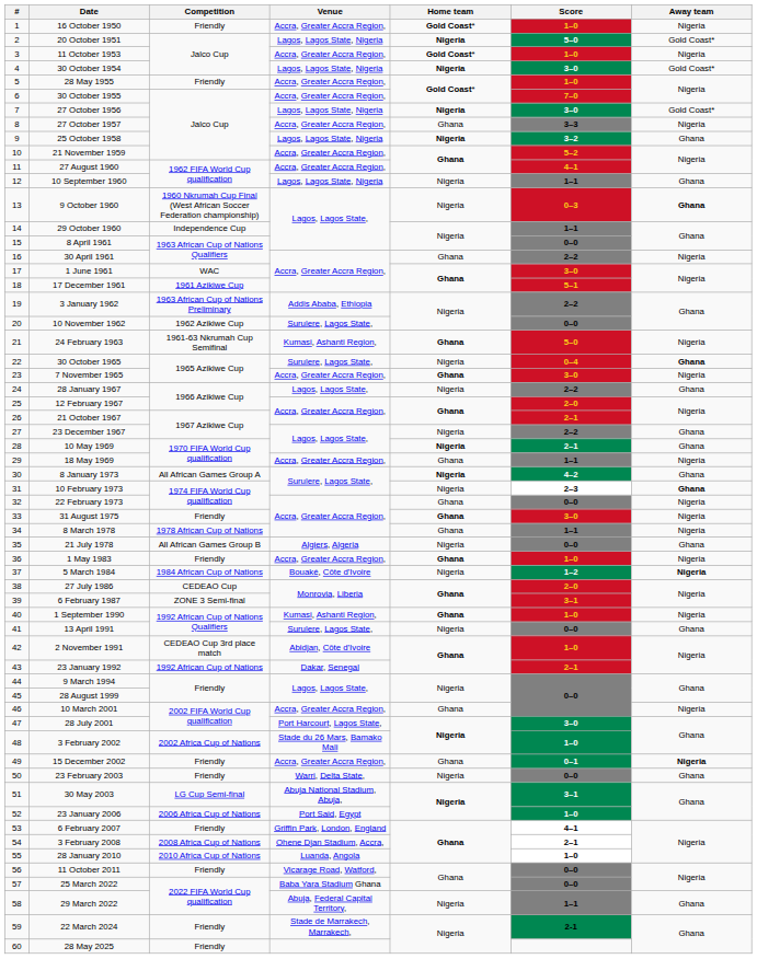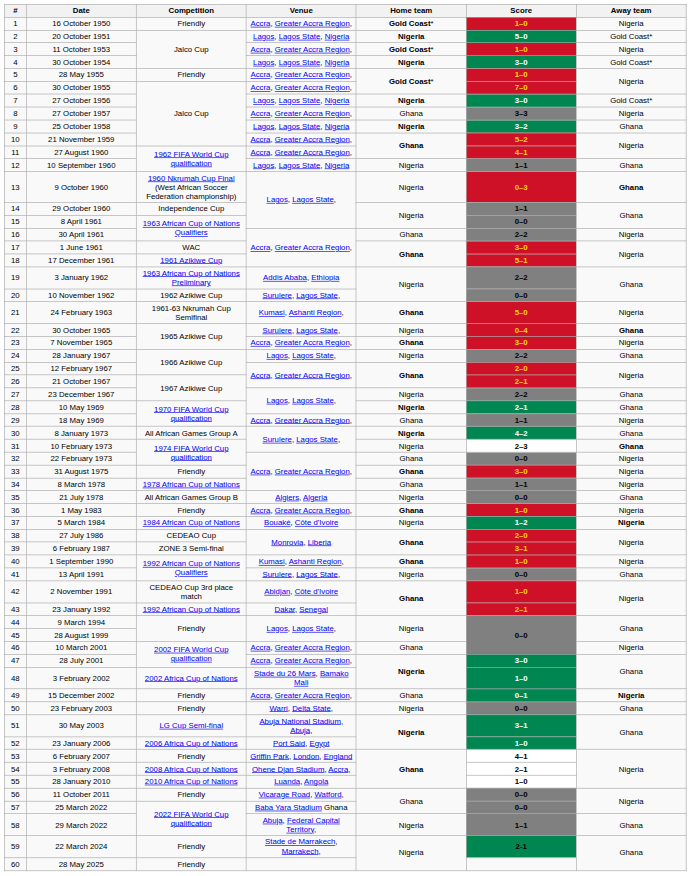 <table class="wikitable sortable collapsible collapsed" style="width:1050px; font-size: 12px">
 <tr>
 <th width="2%">#</th>
 <th width="10%" class="unsortable">Date</th>
 <th width="10%">Competition</th>
 <th width="10%">Venue</th>
 <th width="10%">Home team</th>
 <th width="10%">Score</th>
 <th width="10%">Away team</th>
 </tr>
 <tr style="text-align:center;">
 <td>1</td>
 <td>16 October 1950</td>
 <td>Friendly</td>
 <td><a href='#'>Accra</a>, <a href='#'>Greater Accra Region</a>, </td>
 <td><strong>Gold Coast</strong>*</td>
 <td style="background:#CE1126; color:#FCD116;"><strong>1–0</strong></td>
 <td>Nigeria</td>
 </tr>
 <tr style="text-align:center;">
 <td>2</td>
 <td>20 October 1951</td>
 <td rowspan="3">Jalco Cup</td>
 <td><a href='#'>Lagos</a>, <a href='#'>Lagos State</a>, <a href='#'>Nigeria</a></td>
 <td><strong>Nigeria</strong></td>
 <td style="background:#008751; color:White;"><strong>5–0</strong></td>
 <td>Gold Coast*</td>
 </tr>
 <tr style="text-align:center;">
 <td>3</td>
 <td>11 October 1953</td>
 <td><a href='#'>Accra</a>, <a href='#'>Greater Accra Region</a>, </td>
 <td><strong>Gold Coast</strong>*</td>
 <td style="background:#CE1126; color:#FCD116;"><strong>1–0</strong></td>
 <td>Nigeria</td>
 </tr>
 <tr style="text-align:center;">
 <td>4</td>
 <td>30 October 1954</td>
 <td><a href='#'>Lagos</a>, <a href='#'>Lagos State</a>, <a href='#'>Nigeria</a></td>
 <td><strong>Nigeria</strong></td>
 <td style="background:#008751; color:White;"><strong>3–0</strong></td>
 <td>Gold Coast*</td>
 </tr>
 <tr style="text-align:center;">
 <td>5</td>
 <td>28 May 1955</td>
 <td>Friendly</td>
 <td><a href='#'>Accra</a>, <a href='#'>Greater Accra Region</a>, </td>
 <td rowspan="2"><strong>Gold Coast</strong>*</td>
 <td style="background:#CE1126; color:#FCD116;"><strong>1–0</strong></td>
 <td rowspan="2">Nigeria</td>
 </tr>
 <tr style="text-align:center;">
 <td>6</td>
 <td>30 October 1955</td>
 <td rowspan="5">Jalco Cup</td>
 <td><a href='#'>Accra</a>, <a href='#'>Greater Accra Region</a>, </td>
 <td style="background:#CE1126; color:#FCD116;"><strong>7–0</strong></td>
 </tr>
 <tr style="text-align:center;">
 <td>7</td>
 <td>27 October 1956</td>
 <td><a href='#'>Lagos</a>, <a href='#'>Lagos State</a>, <a href='#'>Nigeria</a></td>
 <td><strong>Nigeria</strong></td>
 <td style="background:#008751; color:White;"><strong>3–0</strong></td>
 <td>Gold Coast*</td>
 </tr>
 <tr style="text-align:center;">
 <td>8</td>
 <td>27 October 1957</td>
 <td><a href='#'>Accra</a>, <a href='#'>Greater Accra Region</a>, </td>
 <td>Ghana</td>
 <td style="background:grey;"><strong>3–3</strong></td>
 <td>Nigeria</td>
 </tr>
 <tr style="text-align:center;">
 <td>9</td>
 <td>25 October 1958</td>
 <td><a href='#'>Lagos</a>, <a href='#'>Lagos State</a>, <a href='#'>Nigeria</a></td>
 <td><strong>Nigeria</strong></td>
 <td style="background:#008751; color:White;"><strong>3–2</strong></td>
 <td>Ghana</td>
 </tr>
 <tr style="text-align:center;">
 <td>10</td>
 <td>21 November 1959</td>
 <td><a href='#'>Accra</a>, <a href='#'>Greater Accra Region</a>, </td>
 <td rowspan="2"><strong>Ghana</strong></td>
 <td style="background:#CE1126; color:#FCD116;"><strong>5–2</strong></td>
 <td rowspan="2">Nigeria</td>
 </tr>
 <tr style="text-align:center;">
 <td>11</td>
 <td>27 August 1960</td>
 <td rowspan="2"><a href='#'>1962 FIFA World Cup qualification</a></td>
 <td><a href='#'>Accra</a>, <a href='#'>Greater Accra Region</a>, </td>
 <td style="background:#CE1126; color:#FCD116;"><strong>4–1</strong></td>
 </tr>
 <tr style="text-align:center;">
 <td>12</td>
 <td>10 September 1960</td>
 <td><a href='#'>Lagos</a>, <a href='#'>Lagos State</a>, <a href='#'>Nigeria</a></td>
 <td>Nigeria</td>
 <td style="background:grey;"><strong>1–1</strong></td>
 <td>Ghana</td>
 </tr>
 <tr style="text-align:center;">
 <td>13</td>
 <td>9 October 1960</td>
 <td><a href='#'>1960 Nkrumah Cup Final</a> (West African Soccer Federation championship)</td>
 <td rowspan="3"><a href='#'>Lagos</a>, <a href='#'>Lagos State</a>, </td>
 <td>Nigeria</td>
 <td style="background:#CE1126; color:#FCD116;"><strong>0–3</strong></td>
 <td><strong>Ghana</strong></td>
 </tr>
 <tr style="text-align:center;">
 <td>14</td>
 <td>29 October 1960</td>
 <td>Independence Cup</td>
 <td rowspan="2">Nigeria</td>
 <td style="background:grey;"><strong>1–1</strong></td>
 <td rowspan="2">Ghana</td>
 </tr>
 <tr style="text-align:center;">
 <td>15</td>
 <td>8 April 1961</td>
 <td rowspan="2"><a href='#'>1963 African Cup of Nations Qualifiers</a></td>
 <td style="background:grey;"><strong>0–0</strong></td>
 </tr>
 <tr style="text-align:center;">
 <td>16</td>
 <td>30 April 1961</td>
 <td rowspan="3"><a href='#'>Accra</a>, <a href='#'>Greater Accra Region</a>, </td>
 <td>Ghana</td>
 <td style="background:grey;"><strong>2–2</strong></td>
 <td>Nigeria</td>
 </tr>
 <tr style="text-align:center;">
 <td>17</td>
 <td>1 June 1961</td>
 <td>WAC</td>
 <td rowspan="2"><strong>Ghana</strong></td>
 <td style="background:#CE1126; color:#FCD116;"><strong>3–0</strong></td>
 <td rowspan="2">Nigeria</td>
 </tr>
 <tr style="text-align:center;">
 <td>18</td>
 <td>17 December 1961</td>
 <td><a href='#'>1961 Azikiwe Cup</a></td>
 <td style="background:#CE1126; color:#FCD116;"><strong>5–1</strong></td>
 </tr>
 <tr style="text-align:center;">
 <td>19</td>
 <td>3 January 1962</td>
 <td><a href='#'>1963 African Cup of Nations Preliminary</a></td>
 <td><a href='#'>Addis Ababa</a>,  <a href='#'>Ethiopia</a></td>
 <td rowspan="2">Nigeria</td>
 <td style="background:grey;"><strong>2–2</strong></td>
 <td rowspan="2">Ghana</td>
 </tr>
 <tr style="text-align:center;">
 <td>20</td>
 <td>10 November 1962</td>
 <td>1962 Azikiwe Cup</td>
 <td><a href='#'>Surulere</a>, <a href='#'>Lagos State</a>, </td>
 <td style="background:grey;"><strong>0–0</strong></td>
 </tr>
 <tr style="text-align:center;">
 <td>21</td>
 <td>24 February 1963</td>
 <td>1961-63 Nkrumah Cup Semifinal</td>
 <td><a href='#'>Kumasi</a>, <a href='#'>Ashanti Region</a>, </td>
 <td><strong>Ghana</strong></td>
 <td style="background:#CE1126; color:#FCD116;"><strong>5–0</strong></td>
 <td>Nigeria</td>
 </tr>
 <tr style="text-align:center;">
 <td>22</td>
 <td>30 October 1965</td>
 <td rowspan="2">1965 Azikiwe Cup</td>
 <td><a href='#'>Surulere</a>, <a href='#'>Lagos State</a>, </td>
 <td>Nigeria</td>
 <td style="background:#CE1126; color:#FCD116;"><strong>0–4</strong></td>
 <td><strong>Ghana</strong></td>
 </tr>
 <tr style="text-align:center;">
 <td>23</td>
 <td>7 November 1965</td>
 <td><a href='#'>Accra</a>, <a href='#'>Greater Accra Region</a>, </td>
 <td><strong>Ghana</strong></td>
 <td style="background:#CE1126; color:#FCD116;"><strong>3–0</strong></td>
 <td>Nigeria</td>
 </tr>
 <tr style="text-align:center;">
 <td>24</td>
 <td>28 January 1967</td>
 <td rowspan="2">1966 Azikiwe Cup</td>
 <td><a href='#'>Lagos</a>, <a href='#'>Lagos State</a>, </td>
 <td>Nigeria</td>
 <td style="background:grey;"><strong>2–2</strong></td>
 <td>Ghana</td>
 </tr>
 <tr style="text-align:center;">
 <td>25</td>
 <td>12 February 1967</td>
 <td rowspan="2"><a href='#'>Accra</a>, <a href='#'>Greater Accra Region</a>, </td>
 <td rowspan="2"><strong>Ghana</strong></td>
 <td style="background:#CE1126; color:#FCD116;"><strong>2–0</strong></td>
 <td rowspan="2">Nigeria</td>
 </tr>
 <tr style="text-align:center;">
 <td>26</td>
 <td>21 October 1967</td>
 <td rowspan="2">1967 Azikiwe Cup</td>
 <td style="background:#CE1126; color:#FCD116;"><strong>2–1</strong></td>
 </tr>
 <tr style="text-align:center;">
 <td>27</td>
 <td>23 December 1967</td>
 <td rowspan="2"><a href='#'>Lagos</a>, <a href='#'>Lagos State</a>, </td>
 <td>Nigeria</td>
 <td style="background:grey;"><strong>2–2</strong></td>
 <td>Ghana</td>
 </tr>
 <tr style="text-align:center;">
 <td>28</td>
 <td>10 May 1969</td>
 <td rowspan="2"><a href='#'>1970 FIFA World Cup qualification</a></td>
 <td><strong>Nigeria</strong></td>
 <td style="background:#008751; color:White;"><strong>2–1</strong></td>
 <td>Ghana</td>
 </tr>
 <tr style="text-align:center;">
 <td>29</td>
 <td>18 May 1969</td>
 <td><a href='#'>Accra</a>, <a href='#'>Greater Accra Region</a>, </td>
 <td>Ghana</td>
 <td style="background:grey;"><strong>1–1</strong></td>
 <td>Nigeria</td>
 </tr>
 <tr style="text-align:center;">
 <td>30</td>
 <td>8 January 1973</td>
 <td>All African Games Group A</td>
 <td rowspan="2"><a href='#'>Surulere</a>, <a href='#'>Lagos State</a>, </td>
 <td><strong>Nigeria</strong></td>
 <td style="background:#008751; color:White;"><strong>4–2</strong></td>
 <td>Ghana</td>
 </tr>
 <tr style="text-align:center;">
 <td>31</td>
 <td>10 February 1973</td>
 <td rowspan="2"><a href='#'>1974 FIFA World Cup qualification</a></td>
 <td>Nigeria</td>
 <td style="background:white; color:black;"><strong>2–3</strong></td>
 <td><strong>Ghana</strong></td>
 </tr>
 <tr style="text-align:center;">
 <td>32</td>
 <td>22 February 1973</td>
 <td rowspan="3"><a href='#'>Accra</a>, <a href='#'>Greater Accra Region</a>, </td>
 <td>Ghana</td>
 <td style="background:grey;"><strong>0–0</strong></td>
 <td>Nigeria</td>
 </tr>
 <tr style="text-align:center;">
 <td>33</td>
 <td>31 August 1975</td>
 <td>Friendly</td>
 <td><strong>Ghana</strong></td>
 <td style="background:#CE1126; color:#FCD116;"><strong>3–0</strong></td>
 <td>Nigeria</td>
 </tr>
 <tr style="text-align:center;">
 <td>34</td>
 <td>8 March 1978</td>
 <td><a href='#'>1978 African Cup of Nations</a></td>
 <td>Ghana</td>
 <td style="background:grey;"><strong>1–1</strong></td>
 <td>Nigeria</td>
 </tr>
 <tr style="text-align:center;">
 <td>35</td>
 <td>21 July 1978</td>
 <td>All African Games Group B</td>
 <td><a href='#'>Algiers</a>,  <a href='#'>Algeria</a></td>
 <td>Nigeria</td>
 <td style="background:grey;"><strong>0–0</strong></td>
 <td>Ghana</td>
 </tr>
 <tr style="text-align:center;">
 <td>36</td>
 <td>1 May 1983</td>
 <td>Friendly</td>
 <td><a href='#'>Accra</a>, <a href='#'>Greater Accra Region</a>, </td>
 <td><strong>Ghana</strong></td>
 <td style="background:#CE1126; color:#FCD116;"><strong>1–0</strong></td>
 <td>Nigeria</td>
 </tr>
 <tr style="text-align:center;">
 <td>37</td>
 <td>5 March 1984</td>
 <td><a href='#'>1984 African Cup of Nations</a></td>
 <td><a href='#'>Bouaké</a>,  <a href='#'>Côte d'Ivoire</a></td>
 <td>Nigeria</td>
 <td style="background:#008751; color:White;"><strong>1–2</strong></td>
 <td><strong>Nigeria</strong></td>
 </tr>
 <tr style="text-align:center;">
 <td>38</td>
 <td>27 July 1986</td>
 <td>CEDEAO Cup</td>
 <td rowspan="2"><a href='#'>Monrovia</a>,  <a href='#'>Liberia</a></td>
 <td rowspan="2"><strong>Ghana</strong></td>
 <td style="background:#CE1126; color:#FCD116;"><strong>2–0</strong></td>
 <td rowspan="2">Nigeria</td>
 </tr>
 <tr style="text-align:center;">
 <td>39</td>
 <td>6 February 1987</td>
 <td>ZONE 3 Semi-final</td>
 <td style="background:#CE1126; color:#FCD116;"><strong>3–1</strong></td>
 </tr>
 <tr style="text-align:center;">
 <td>40</td>
 <td>1 September 1990</td>
 <td rowspan="2"><a href='#'>1992 African Cup of Nations Qualifiers</a></td>
 <td><a href='#'>Kumasi</a>, <a href='#'>Ashanti Region</a>, </td>
 <td><strong>Ghana</strong></td>
 <td style="background:#CE1126; color:#FCD116;"><strong>1–0</strong></td>
 <td>Nigeria</td>
 </tr>
 <tr style="text-align:center;">
 <td>41</td>
 <td>13 April 1991</td>
 <td><a href='#'>Surulere</a>, <a href='#'>Lagos State</a>, </td>
 <td>Nigeria</td>
 <td style="background:grey;"><strong>0–0</strong></td>
 <td>Ghana</td>
 </tr>
 <tr style="text-align:center;">
 <td>42</td>
 <td>2 November 1991</td>
 <td>CEDEAO Cup 3rd place match</td>
 <td><a href='#'>Abidjan</a>,  <a href='#'>Côte d'Ivoire</a></td>
 <td rowspan="2"><strong>Ghana</strong></td>
 <td style="background:#CE1126; color:#FCD116;"><strong>1–0</strong></td>
 <td rowspan="2">Nigeria</td>
 </tr>
 <tr style="text-align:center;">
 <td>43</td>
 <td>23 January 1992</td>
 <td><a href='#'>1992 African Cup of Nations</a></td>
 <td><a href='#'>Dakar</a>,  <a href='#'>Senegal</a></td>
 <td style="background:#CE1126; color:#FCD116;"><strong>2–1</strong></td>
 </tr>
 <tr style="text-align:center;">
 <td>44</td>
 <td>9 March 1994</td>
 <td rowspan="2">Friendly</td>
 <td rowspan="2"><a href='#'>Lagos</a>, <a href='#'>Lagos State</a>, </td>
 <td rowspan="2">Nigeria</td>
 <td rowspan="3" style="background:grey;"><strong>0–0</strong></td>
 <td rowspan="2">Ghana</td>
 </tr>
 <tr style="text-align:center;">
 <td>45</td>
 <td>28 August 1999</td>
 </tr>
 <tr style="text-align:center;">
 <td>46</td>
 <td>10 March 2001</td>
 <td rowspan="2"><a href='#'>2002 FIFA World Cup qualification</a></td>
 <td><a href='#'>Accra</a>, <a href='#'>Greater Accra Region</a>, </td>
 <td>Ghana</td>
 <td>Nigeria</td>
 </tr>
 <tr style="text-align:center;">
 <td>47</td>
 <td>28 July 2001</td>
-<td><a href='#'>Port Harcourt</a>, <a href='#'>Lagos State</a>, </td>
+<td><a href='#'>Accra</a>, <a href='#'>Greater Accra Region</a>, </td>
 <td rowspan="2"><strong>Nigeria</strong></td>
 <td style="background:#008751; color:White;"><strong>3–0</strong></td>
 <td rowspan="2">Ghana</td>
 </tr>
 <tr style="text-align:center;">
 <td>48</td>
 <td>3 February 2002</td>
 <td><a href='#'>2002 Africa Cup of Nations</a></td>
 <td><a href='#'>Stade du 26 Mars</a>, <a href='#'>Bamako</a>  <a href='#'>Mali</a></td>
 <td style="background:#008751; color:White;"><strong>1–0</strong></td>
 </tr>
 <tr style="text-align:center;">
 <td>49</td>
 <td>15 December 2002</td>
 <td>Friendly</td>
 <td><a href='#'>Accra</a>, <a href='#'>Greater Accra Region</a>, </td>
 <td>Ghana</td>
 <td style="background:#008751; color:White;"><strong>0–1</strong></td>
 <td><strong>Nigeria</strong></td>
 </tr>
 <tr style="text-align:center;">
 <td>50</td>
 <td>23 February 2003</td>
 <td>Friendly</td>
 <td><a href='#'>Warri</a>, <a href='#'>Delta State</a>, </td>
 <td>Nigeria</td>
 <td style="background:grey;"><strong>0–0</strong></td>
 <td>Ghana</td>
 </tr>
 <tr style="text-align:center;">
 <td>51</td>
 <td>30 May 2003</td>
 <td><a href='#'>LG Cup Semi-final</a></td>
 <td><a href='#'>Abuja National Stadium</a>, <a href='#'>Abuja</a>, </td>
 <td rowspan="2"><strong>Nigeria</strong></td>
 <td style="background:#008751; color:White;"><strong>3–1</strong></td>
 <td rowspan="2">Ghana</td>
 </tr>
 <tr style="text-align:center;">
 <td>52</td>
 <td>23 January 2006</td>
 <td><a href='#'>2006 Africa Cup of Nations</a></td>
 <td><a href='#'>Port Said</a>,  <a href='#'>Egypt</a></td>
 <td style="background:#008751; color:White;"><strong>1–0</strong></td>
 </tr>
 <tr style="text-align:center;">
 <td>53</td>
 <td>6 February 2007</td>
 <td>Friendly</td>
 <td><a href='#'>Griffin Park</a>, <a href='#'>London</a>,  <a href='#'>England</a></td>
 <td rowspan="3"><strong>Ghana</strong></td>
 <td style="background:#FFFFFF;"><span><strong>4–1</strong></span></td>
 <td rowspan="3">Nigeria</td>
 </tr>
 <tr style="text-align:center;">
 <td>54</td>
 <td>3 February 2008</td>
 <td><a href='#'>2008 Africa Cup of Nations</a></td>
 <td><a href='#'>Ohene Djan Stadium</a>, <a href='#'>Accra</a>, </td>
 <td style="background:#FFFFFF; color:#000000;"><strong>2–1</strong></td>
 </tr>
 <tr style="text-align:center;">
 <td>55</td>
 <td>28 January 2010</td>
 <td><a href='#'>2010 Africa Cup of Nations</a></td>
 <td><a href='#'>Luanda</a>,  <a href='#'>Angola</a></td>
 <td style="background:#FFFFFF; color:#000000;"><strong>1–0</strong></td>
 </tr>
 <tr style="text-align:center;">
 <td>56</td>
 <td>11 October 2011</td>
 <td>Friendly</td>
 <td><a href='#'>Vicarage Road</a>, <a href='#'>Watford</a>, </td>
 <td rowspan="2">Ghana</td>
 <td style="background:grey;"><strong>0–0</strong></td>
 <td rowspan="2">Nigeria</td>
 </tr>
 <tr style="text-align:center;">
 <td>57</td>
 <td>25 March 2022</td>
 <td rowspan="2"><a href='#'>2022 FIFA World Cup qualification</a></td>
 <td><a href='#'>Baba Yara Stadium</a>  Ghana</td>
 <td style="background:grey;"><strong>0–0</strong></td>
 </tr>
 <tr style="text-align:center;">
 <td>58</td>
 <td>29 March 2022</td>
 <td><a href='#'>Abuja</a>, <a href='#'>Federal Capital Territory</a>, </td>
 <td>Nigeria</td>
 <td style="background:grey;"><strong>1–1</strong></td>
 <td>Ghana</td>
 </tr>
 <tr style="text-align:center;">
 <td>59</td>
 <td>22 March 2024</td>
 <td>Friendly</td>
 <td><a href='#'>Stade de Marrakech</a>, <a href='#'>Marrakech</a>, </td>
 <td rowspan=2>Nigeria</td>
 <td - style="background:#008751;color;White;"><strong>2-1</strong></td>
 <td rowspan=2>Ghana</td>
 </tr>
 <tr style="text-align:center;">
 <td>60</td>
 <td>28 May 2025</td>
 <td>Friendly</td>
 <td></td>
 <td></td>
 </tr>
 </table>
